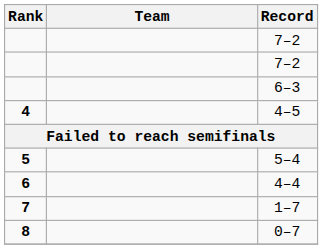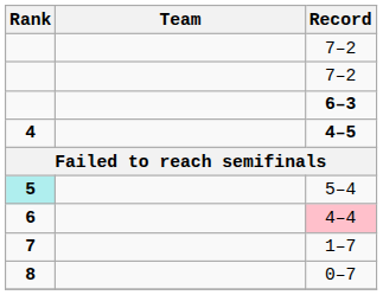 <table class=wikitable style="text-align:center;">
 <tr>
 <th>Rank</th>
 <th style="width:180px;">Team</th>
 <th>Record</th>
 </tr>
 <tr>
 <td></td>
 <td align=left></td>
 <td align=center>7–2</td>
 </tr>
 <tr>
 <td></td>
 <td align=left></td>
 <td align=center>7–2</td>
 </tr>
 <tr>
 <td></td>
 <td align=left></td>
-<td align=center>6–3</td>
+<td align=center><strong>6–3</strong></td>
 </tr>
 <tr>
 <td><strong>4</strong></td>
 <td align=left></td>
-<td align=center>4–5</td>
+<td align=center><strong>4–5</strong></td>
 </tr>
 <tr>
 <th colspan="3">Failed to reach semifinals</th>
 </tr>
 <tr>
-<td><strong>5</strong></td>
+<td style="background: paleturquoise;"><strong>5</strong></td>
 <td align=left></td>
 <td align=center>5–4</td>
 </tr>
 <tr>
 <td><strong>6</strong></td>
 <td align=left></td>
-<td align=center>4–4</td>
+<td align=center style="background: pink;">4–4</td>
 </tr>
 <tr>
 <td><strong>7</strong></td>
 <td align=left></td>
 <td align=center>1–7</td>
 </tr>
 <tr>
 <td><strong>8</strong></td>
 <td align=left></td>
 <td align=center>0–7</td>
 </tr>
 <tr>
 </tr>
 </table>
